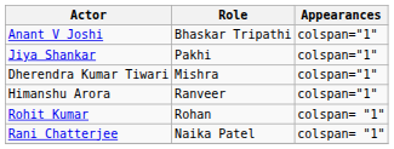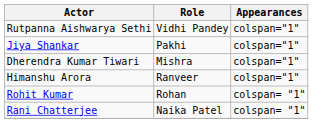 <table class="wikitable">
 <tr>
 <th rowspan="1">Actor</th>
 <th rowspan="1">Role</th>
 <th colspan="1">Appearances</th>
 </tr>
 <tr>
-<td><a href='#'>Anant V Joshi</a></td>
-<td>Bhaskar Tripathi</td>
+<td>Rutpanna Aishwarya Sethi</td>
+<td>Vidhi Pandey</td>
 <td>colspan="1" </td>
 </tr>
 <tr>
 <td><a href='#'>Jiya Shankar</a></td>
 <td>Pakhi</td>
 <td>colspan="1" </td>
 </tr>
 <tr>
 <td>Dherendra Kumar Tiwari</td>
 <td>Mishra</td>
 <td>colspan="1" </td>
 </tr>
 <tr>
 <td>Himanshu Arora</td>
 <td>Ranveer</td>
 <td>colspan="1" </td>
 </tr>
 <tr>
 <td><a href='#'>Rohit Kumar</a></td>
 <td>Rohan</td>
 <td>colspan= "1" </td>
 </tr>
 <tr>
 <td><a href='#'>Rani Chatterjee</a></td>
 <td>Naika Patel</td>
 <td>colspan= "1" </td>
 </tr>
 <tr>
 </tr>
 </table>
